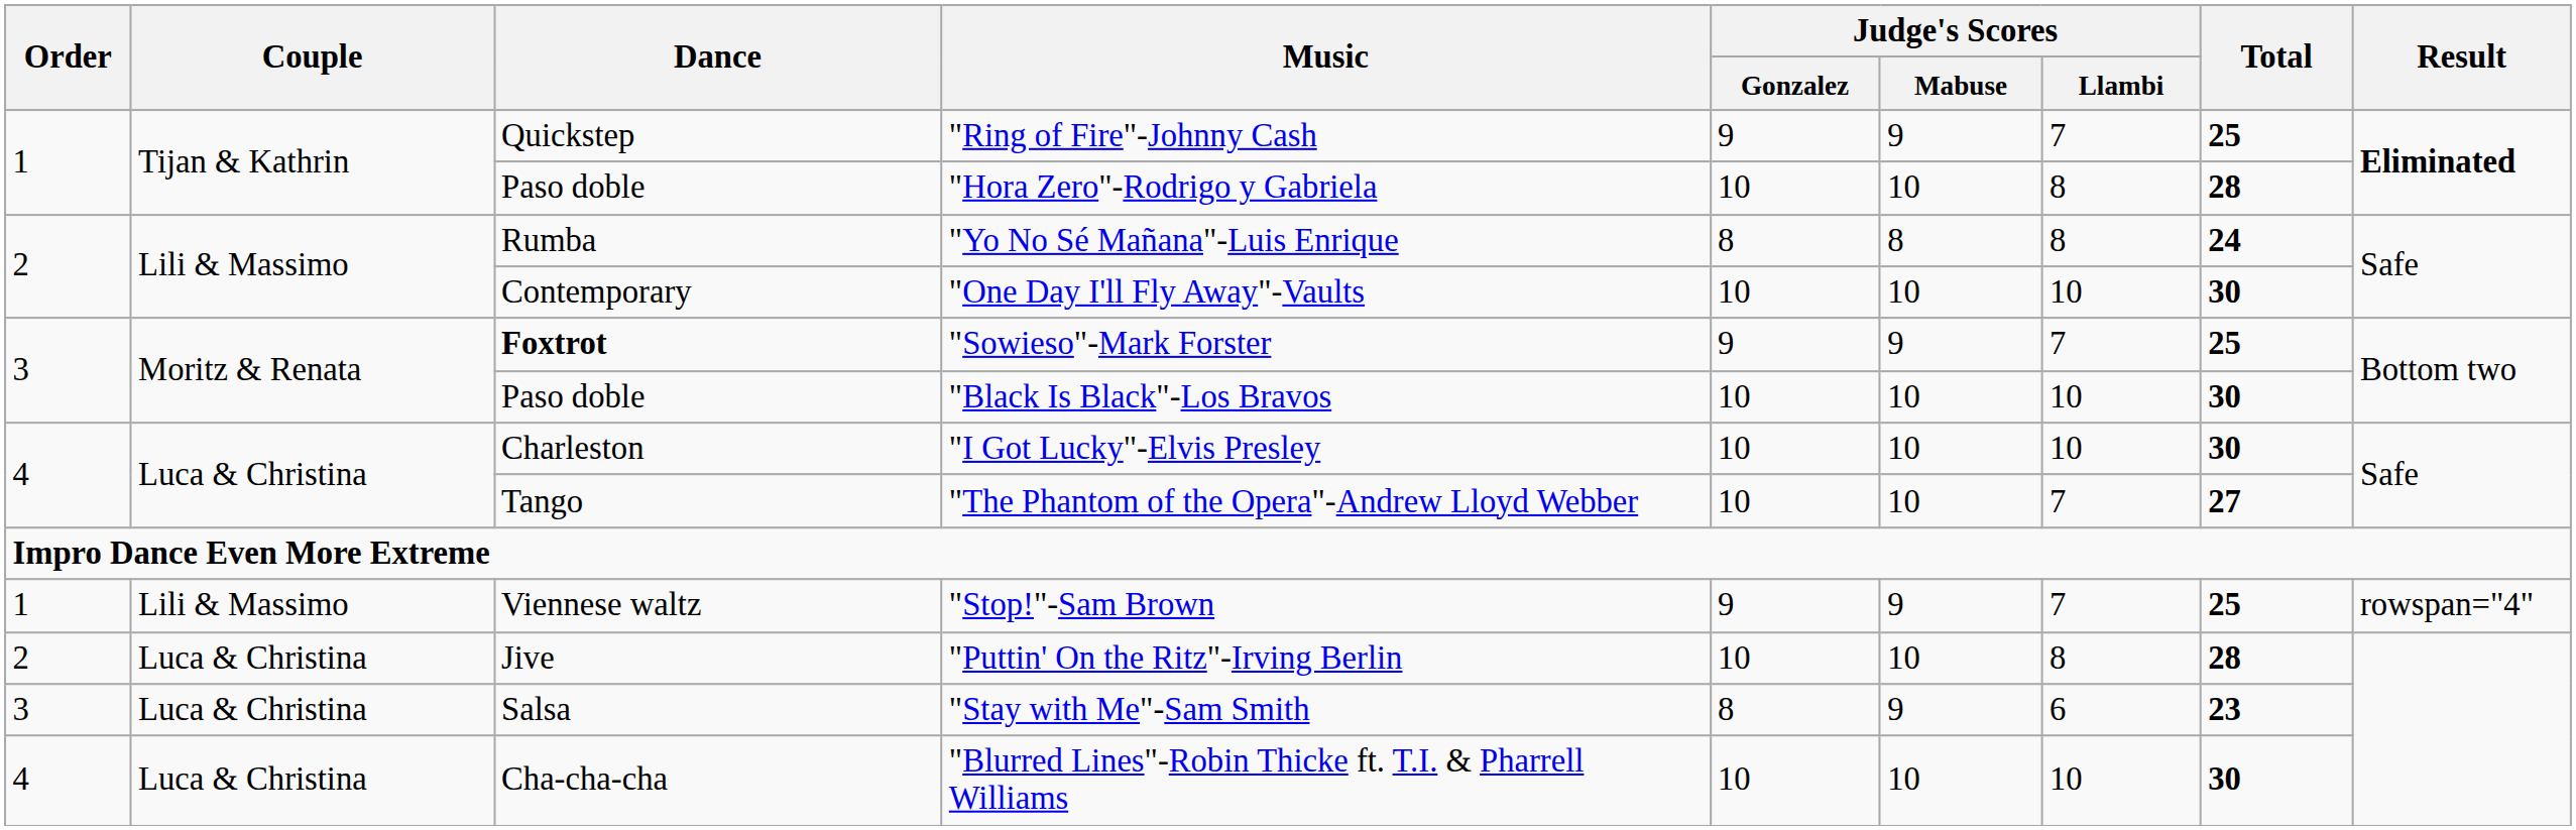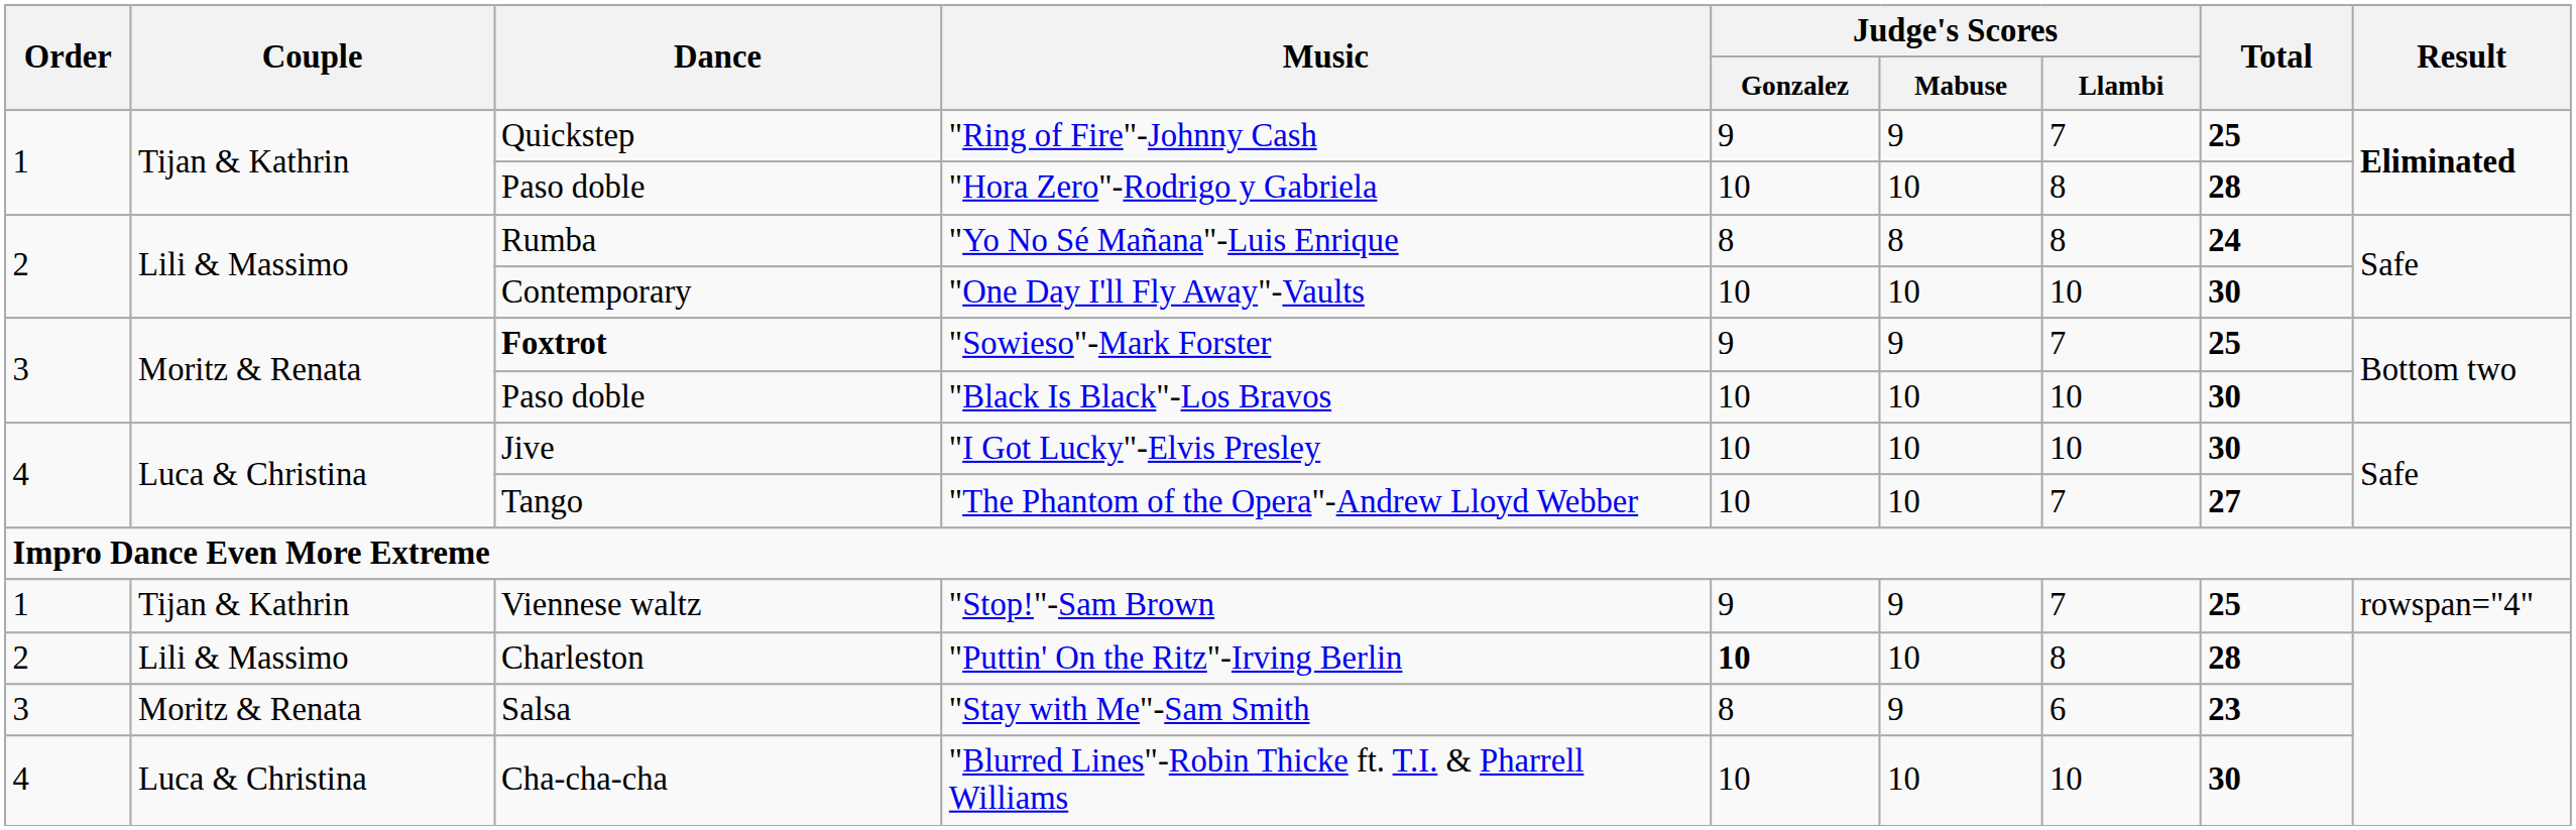 <table class="wikitable sortable center">
 <tr>
 <th rowspan="2" style="width: 4em">Order</th>
 <th rowspan="2" style="width: 17em">Couple</th>
 <th rowspan="2" style="width: 20em">Dance</th>
 <th rowspan="2" style="width: 40em">Music</th>
 <th colspan="3">Judge's Scores</th>
 <th rowspan="2" style="width: 6em">Total</th>
 <th rowspan="2" style="width: 7em">Result</th>
 </tr>
 <tr>
 <th style="width: 6em"><small>Gonzalez</small></th>
 <th style="width: 6em"><small>Mabuse</small></th>
 <th style="width: 6em"><small>Llambi</small></th>
 </tr>
 <tr>
 <td rowspan="2">1</td>
 <td rowspan="2">Tijan & Kathrin</td>
 <td>Quickstep</td>
 <td>"<a href='#'>Ring of Fire</a>"-<a href='#'>Johnny Cash</a></td>
 <td>9</td>
 <td>9</td>
 <td>7</td>
 <td><strong>25</strong></td>
 <td rowspan="2"><strong>Eliminated</strong></td>
 </tr>
 <tr>
 <td>Paso doble</td>
 <td>"<a href='#'>Hora Zero</a>"-<a href='#'>Rodrigo y Gabriela</a></td>
 <td>10</td>
 <td>10</td>
 <td>8</td>
 <td><strong>28</strong></td>
 </tr>
 <tr>
 <td rowspan="2">2</td>
 <td rowspan="2">Lili & Massimo</td>
 <td>Rumba</td>
 <td>"<a href='#'>Yo No Sé Mañana</a>"-<a href='#'>Luis Enrique</a></td>
 <td>8</td>
 <td>8</td>
 <td>8</td>
 <td><strong>24</strong></td>
 <td rowspan="2">Safe</td>
 </tr>
 <tr>
 <td>Contemporary</td>
 <td>"<a href='#'>One Day I'll Fly Away</a>"-<a href='#'>Vaults</a></td>
 <td>10</td>
 <td>10</td>
 <td>10</td>
 <td><strong>30</strong></td>
 </tr>
 <tr>
 <td rowspan="2">3</td>
 <td rowspan="2">Moritz & Renata</td>
 <td><strong>Foxtrot</strong></td>
 <td>"<a href='#'>Sowieso</a>"-<a href='#'>Mark Forster</a></td>
 <td>9</td>
 <td>9</td>
 <td>7</td>
 <td><strong>25</strong></td>
 <td rowspan="2">Bottom two</td>
 </tr>
 <tr>
 <td>Paso doble</td>
 <td>"<a href='#'>Black Is Black</a>"-<a href='#'>Los Bravos</a></td>
 <td>10</td>
 <td>10</td>
 <td>10</td>
 <td><strong>30</strong></td>
 </tr>
 <tr>
 <td rowspan="2">4</td>
 <td rowspan="2">Luca & Christina</td>
-<td>Charleston</td>
+<td>Jive</td>
 <td>"<a href='#'>I Got Lucky</a>"-<a href='#'>Elvis Presley</a></td>
 <td>10</td>
 <td>10</td>
 <td>10</td>
 <td><strong>30</strong></td>
 <td rowspan="2">Safe</td>
 </tr>
 <tr>
 <td>Tango</td>
 <td>"<a href='#'>The Phantom of the Opera</a>"-<a href='#'>Andrew Lloyd Webber</a></td>
 <td>10</td>
 <td>10</td>
 <td>7</td>
 <td><strong>27</strong></td>
 </tr>
 <tr>
 <td colspan="9"><strong>Impro Dance Even More Extreme</strong></td>
 </tr>
 <tr>
 <td>1</td>
-<td>Lili & Massimo</td>
+<td>Tijan & Kathrin</td>
 <td>Viennese waltz</td>
 <td>"<a href='#'>Stop!</a>"-<a href='#'>Sam Brown</a></td>
 <td>9</td>
 <td>9</td>
 <td>7</td>
 <td><strong>25</strong></td>
 <td>rowspan="4" </td>
 </tr>
 <tr>
 <td>2</td>
-<td>Luca & Christina</td>
-<td>Jive</td>
+<td>Lili & Massimo</td>
+<td>Charleston</td>
 <td>"<a href='#'>Puttin' On the Ritz</a>"-<a href='#'>Irving Berlin</a></td>
-<td>10</td>
+<td><strong>10</strong></td>
 <td>10</td>
 <td>8</td>
 <td><strong>28</strong></td>
 </tr>
 <tr>
 <td>3</td>
-<td>Luca & Christina</td>
+<td>Moritz & Renata</td>
 <td>Salsa</td>
 <td>"<a href='#'>Stay with Me</a>"-<a href='#'>Sam Smith</a></td>
 <td>8</td>
 <td>9</td>
 <td>6</td>
 <td><strong>23</strong></td>
 </tr>
 <tr>
 <td>4</td>
 <td>Luca & Christina</td>
 <td>Cha-cha-cha</td>
 <td>"<a href='#'>Blurred Lines</a>"-<a href='#'>Robin Thicke</a> ft. <a href='#'>T.I.</a> & <a href='#'>Pharrell Williams</a></td>
 <td>10</td>
 <td>10</td>
 <td>10</td>
 <td><strong>30</strong></td>
 </tr>
 </table>
